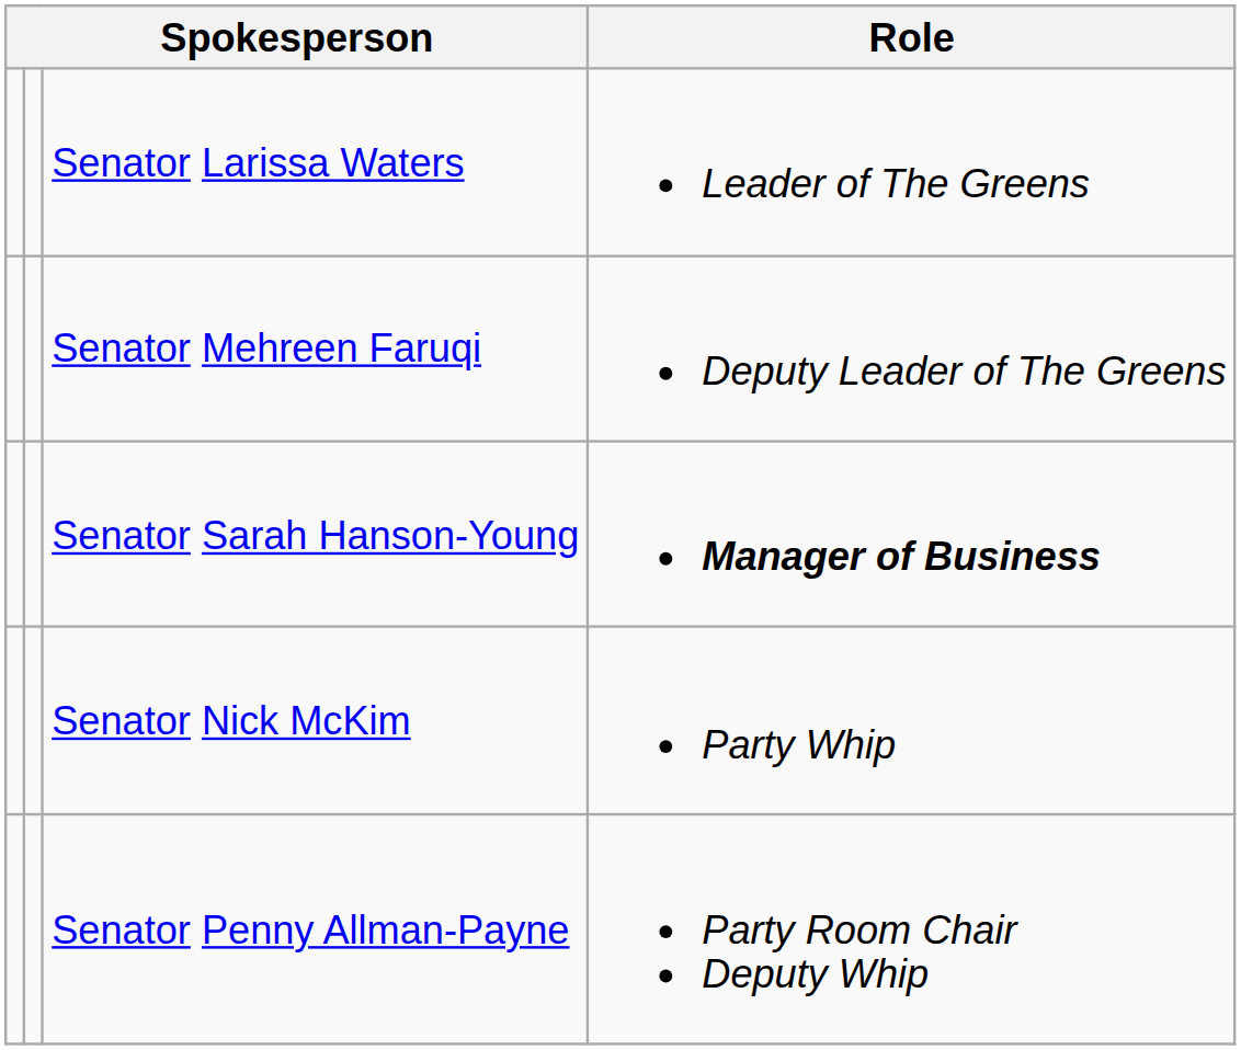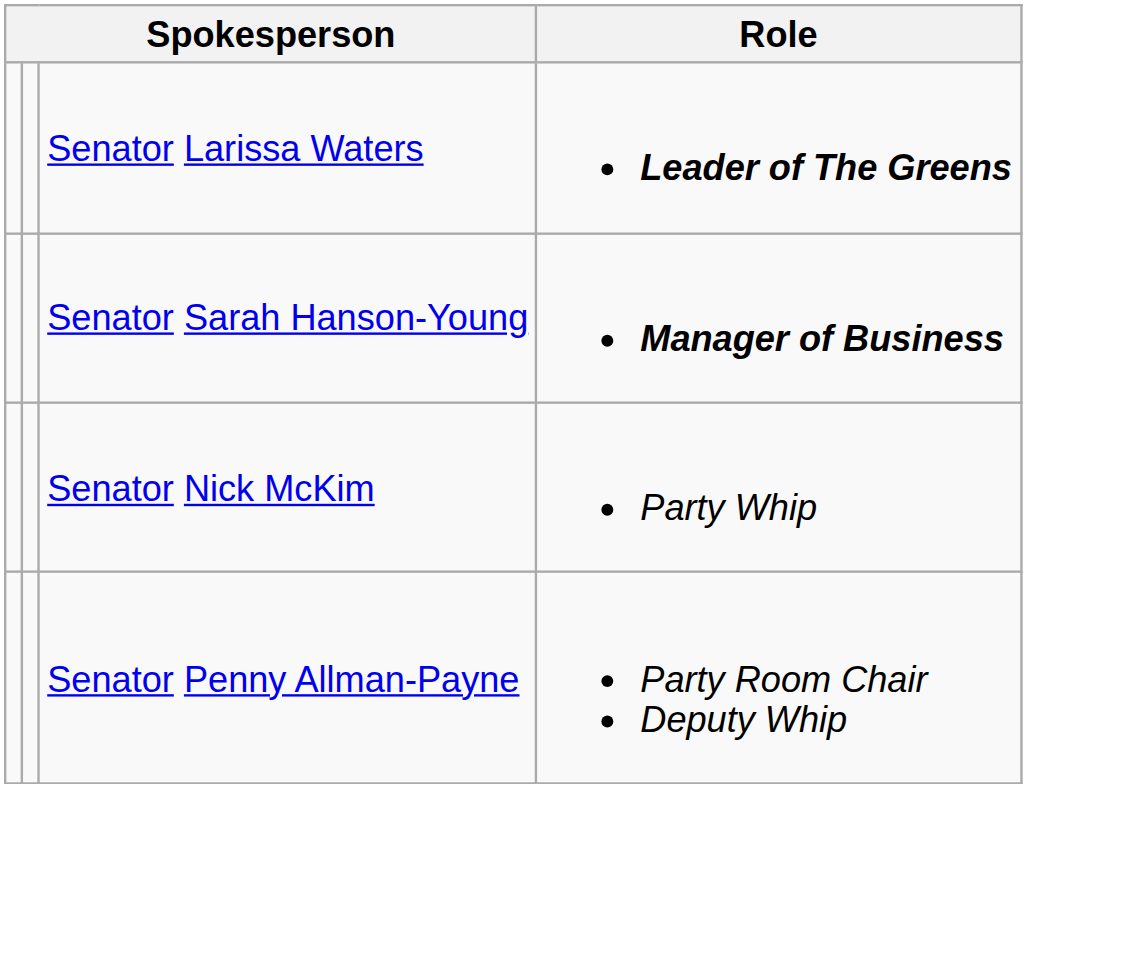 <table class="wikitable" style="text-align:left; font-size:95%">
 <tr>
 <th colspan=3>Spokesperson</th>
 <th>Role</th>
 </tr>
 <tr>
 <td style="background-color: "></td>
 <td></td>
 <td><a href='#'>Senator</a> <a href='#'>Larissa Waters</a></td>
-<td><br><ul><li><em>Leader of The Greens</em></li></ul></td>
-</tr>
-<tr>
-<td style="background-color: "></td>
-<td></td>
-<td><a href='#'>Senator</a> <a href='#'>Mehreen Faruqi</a></td>
-<td><br><ul><li><em>Deputy Leader of The Greens</em></li></ul></td>
+<td><strong><br><ul><li><em>Leader of The Greens</em></li></ul></strong></td>
 </tr>
 <tr>
 <td style="background-color: "></td>
 <td></td>
 <td><a href='#'>Senator</a> <a href='#'>Sarah Hanson-Young</a></td>
 <td><strong><br><ul><li><em>Manager of Business</em></li></ul></strong></td>
 </tr>
 <tr>
 <td style="background-color: "></td>
 <td></td>
 <td><a href='#'>Senator</a> <a href='#'>Nick McKim</a></td>
 <td><br><ul><li><em>Party Whip</em></li></ul></td>
 </tr>
 <tr>
 <td style="background-color: "></td>
 <td></td>
 <td><a href='#'>Senator</a> <a href='#'>Penny Allman-Payne</a></td>
 <td><br><ul><li><em>Party Room Chair</em></li><li><em>Deputy Whip</em></li></ul></td>
 </tr>
 </table>
